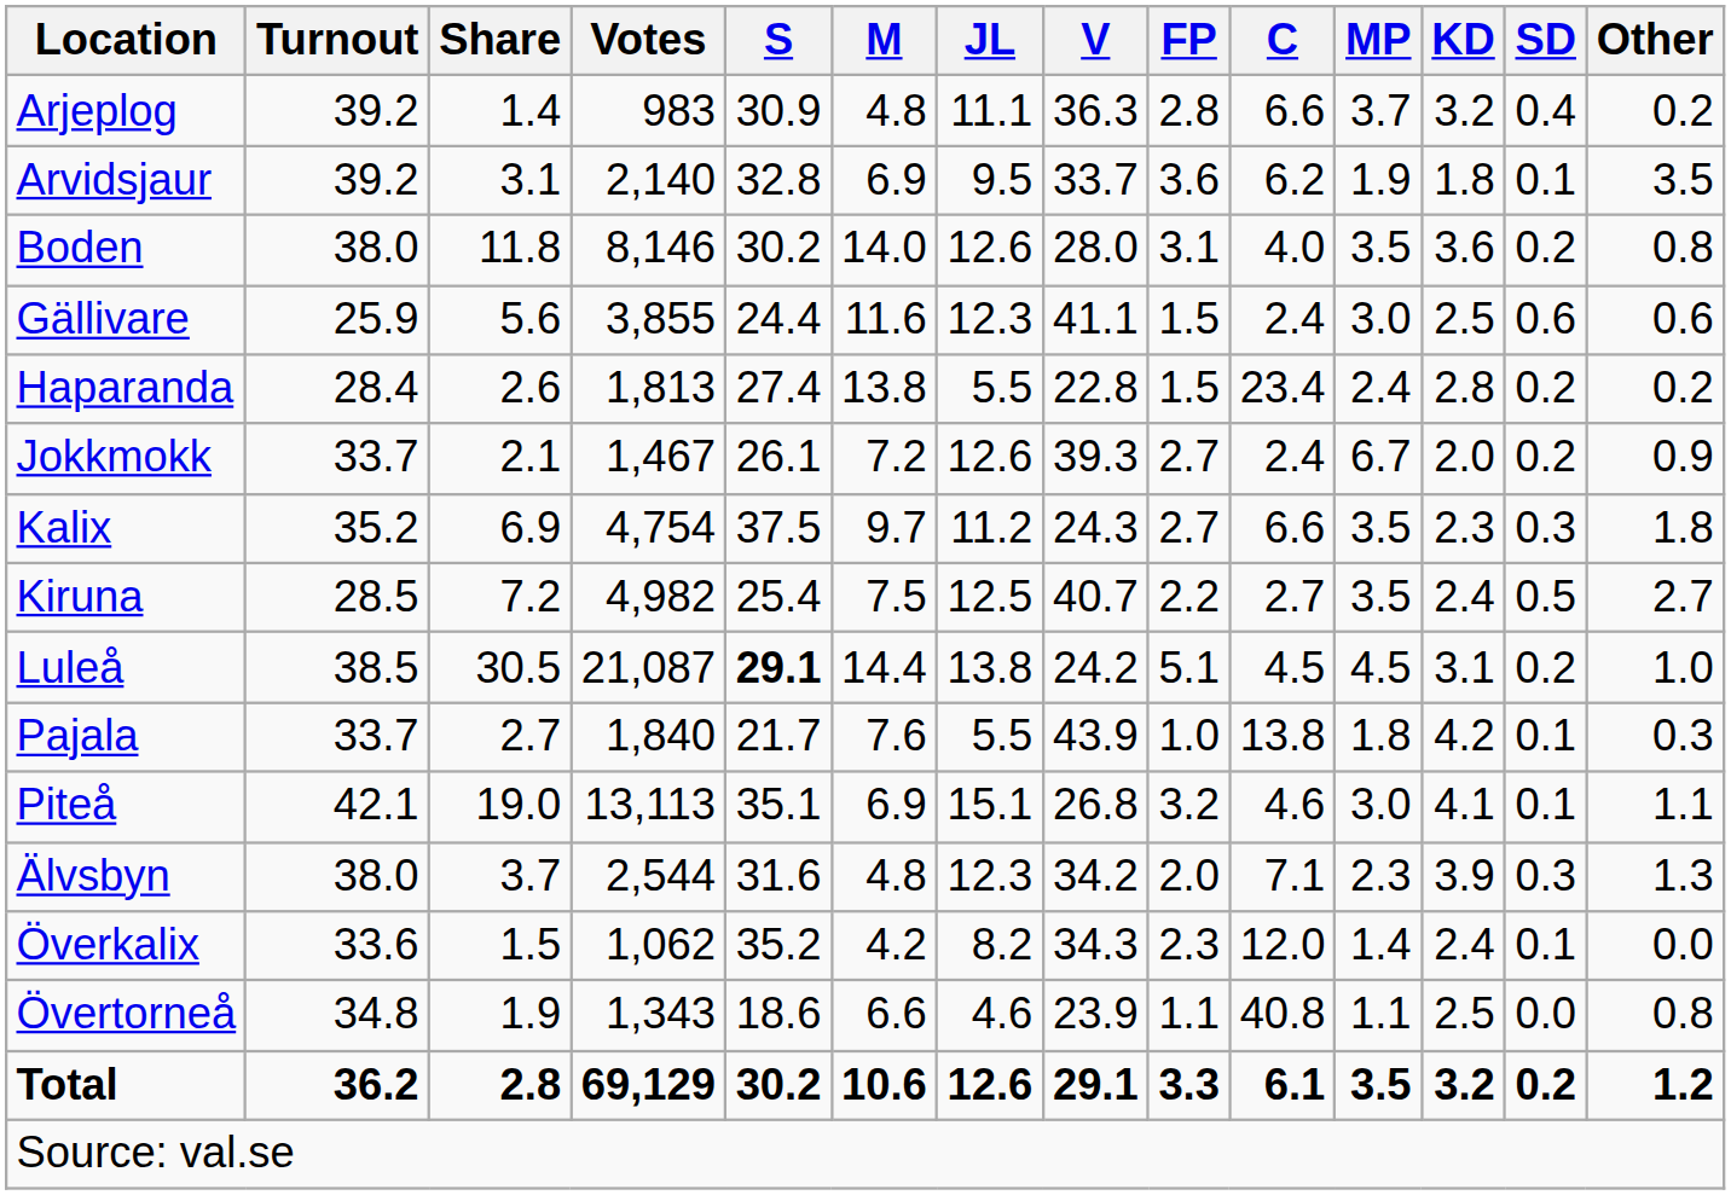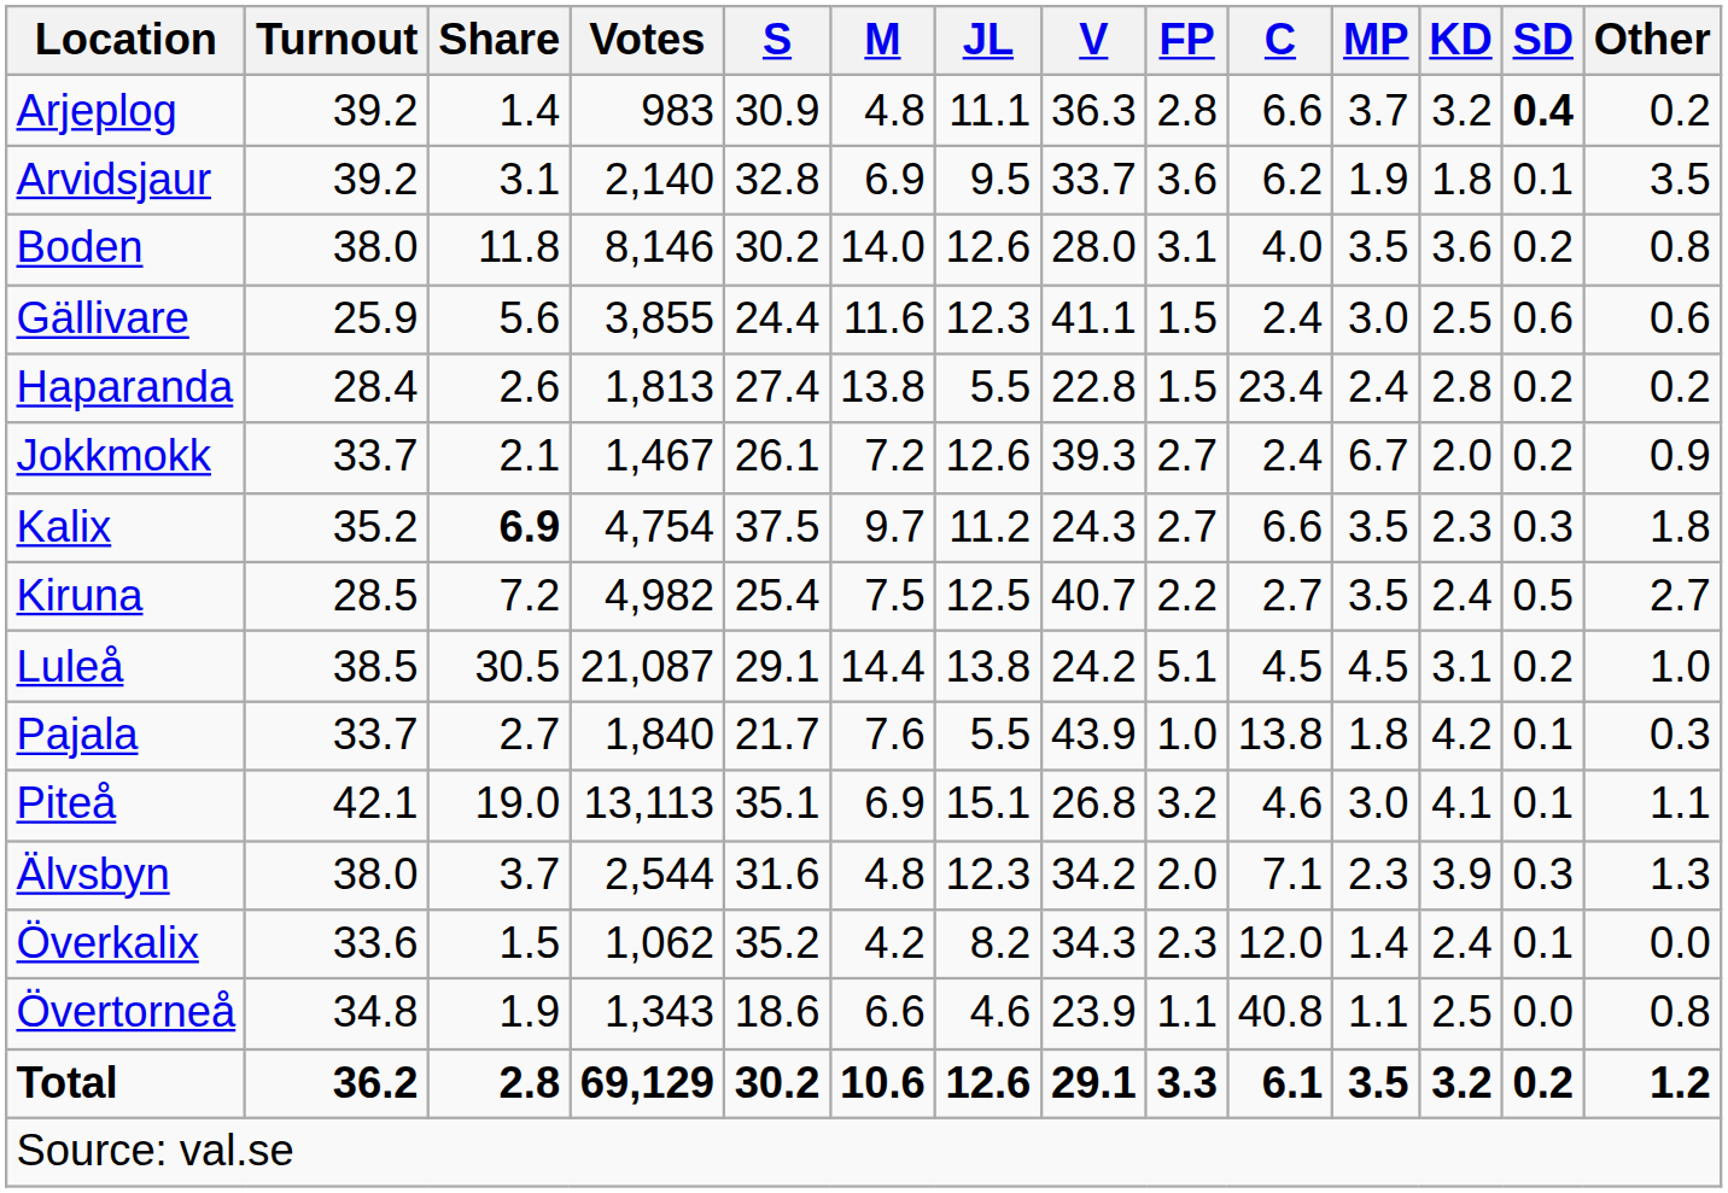 <table class="wikitable sortable" style=text-align:right>
 <tr>
 <th>Location</th>
 <th>Turnout</th>
 <th>Share</th>
 <th>Votes</th>
 <th><a href='#'>S</a></th>
 <th><a href='#'>M</a></th>
 <th><a href='#'>JL</a></th>
 <th><a href='#'>V</a></th>
 <th><a href='#'>FP</a></th>
 <th><a href='#'>C</a></th>
 <th><a href='#'>MP</a></th>
 <th><a href='#'>KD</a></th>
 <th><a href='#'>SD</a></th>
 <th>Other</th>
 </tr>
 <tr>
 <td align=left><a href='#'>Arjeplog</a></td>
 <td>39.2</td>
 <td>1.4</td>
 <td>983</td>
 <td>30.9</td>
 <td>4.8</td>
 <td>11.1</td>
 <td>36.3</td>
 <td>2.8</td>
 <td>6.6</td>
 <td>3.7</td>
 <td>3.2</td>
-<td>0.4</td>
+<td><strong>0.4</strong></td>
 <td>0.2</td>
 </tr>
 <tr>
 <td align=left><a href='#'>Arvidsjaur</a></td>
 <td>39.2</td>
 <td>3.1</td>
 <td>2,140</td>
 <td>32.8</td>
 <td>6.9</td>
 <td>9.5</td>
 <td>33.7</td>
 <td>3.6</td>
 <td>6.2</td>
 <td>1.9</td>
 <td>1.8</td>
 <td>0.1</td>
 <td>3.5</td>
 </tr>
 <tr>
 <td align=left><a href='#'>Boden</a></td>
 <td>38.0</td>
 <td>11.8</td>
 <td>8,146</td>
 <td>30.2</td>
 <td>14.0</td>
 <td>12.6</td>
 <td>28.0</td>
 <td>3.1</td>
 <td>4.0</td>
 <td>3.5</td>
 <td>3.6</td>
 <td>0.2</td>
 <td>0.8</td>
 </tr>
 <tr>
 <td align=left><a href='#'>Gällivare</a></td>
 <td>25.9</td>
 <td>5.6</td>
 <td>3,855</td>
 <td>24.4</td>
 <td>11.6</td>
 <td>12.3</td>
 <td>41.1</td>
 <td>1.5</td>
 <td>2.4</td>
 <td>3.0</td>
 <td>2.5</td>
 <td>0.6</td>
 <td>0.6</td>
 </tr>
 <tr>
 <td align=left><a href='#'>Haparanda</a></td>
 <td>28.4</td>
 <td>2.6</td>
 <td>1,813</td>
 <td>27.4</td>
 <td>13.8</td>
 <td>5.5</td>
 <td>22.8</td>
 <td>1.5</td>
 <td>23.4</td>
 <td>2.4</td>
 <td>2.8</td>
 <td>0.2</td>
 <td>0.2</td>
 </tr>
 <tr>
 <td align=left><a href='#'>Jokkmokk</a></td>
 <td>33.7</td>
 <td>2.1</td>
 <td>1,467</td>
 <td>26.1</td>
 <td>7.2</td>
 <td>12.6</td>
 <td>39.3</td>
 <td>2.7</td>
 <td>2.4</td>
 <td>6.7</td>
 <td>2.0</td>
 <td>0.2</td>
 <td>0.9</td>
 </tr>
 <tr>
 <td align=left><a href='#'>Kalix</a></td>
 <td>35.2</td>
-<td>6.9</td>
+<td><strong>6.9</strong></td>
 <td>4,754</td>
 <td>37.5</td>
 <td>9.7</td>
 <td>11.2</td>
 <td>24.3</td>
 <td>2.7</td>
 <td>6.6</td>
 <td>3.5</td>
 <td>2.3</td>
 <td>0.3</td>
 <td>1.8</td>
 </tr>
 <tr>
 <td align=left><a href='#'>Kiruna</a></td>
 <td>28.5</td>
 <td>7.2</td>
 <td>4,982</td>
 <td>25.4</td>
 <td>7.5</td>
 <td>12.5</td>
 <td>40.7</td>
 <td>2.2</td>
 <td>2.7</td>
 <td>3.5</td>
 <td>2.4</td>
 <td>0.5</td>
 <td>2.7</td>
 </tr>
 <tr>
 <td align=left><a href='#'>Luleå</a></td>
 <td>38.5</td>
 <td>30.5</td>
 <td>21,087</td>
-<td><strong>29.1</strong></td>
+<td>29.1</td>
 <td>14.4</td>
 <td>13.8</td>
 <td>24.2</td>
 <td>5.1</td>
 <td>4.5</td>
 <td>4.5</td>
 <td>3.1</td>
 <td>0.2</td>
 <td>1.0</td>
 </tr>
 <tr>
 <td align=left><a href='#'>Pajala</a></td>
 <td>33.7</td>
 <td>2.7</td>
 <td>1,840</td>
 <td>21.7</td>
 <td>7.6</td>
 <td>5.5</td>
 <td>43.9</td>
 <td>1.0</td>
 <td>13.8</td>
 <td>1.8</td>
 <td>4.2</td>
 <td>0.1</td>
 <td>0.3</td>
 </tr>
 <tr>
 <td align=left><a href='#'>Piteå</a></td>
 <td>42.1</td>
 <td>19.0</td>
 <td>13,113</td>
 <td>35.1</td>
 <td>6.9</td>
 <td>15.1</td>
 <td>26.8</td>
 <td>3.2</td>
 <td>4.6</td>
 <td>3.0</td>
 <td>4.1</td>
 <td>0.1</td>
 <td>1.1</td>
 </tr>
 <tr>
 <td align=left><a href='#'>Älvsbyn</a></td>
 <td>38.0</td>
 <td>3.7</td>
 <td>2,544</td>
 <td>31.6</td>
 <td>4.8</td>
 <td>12.3</td>
 <td>34.2</td>
 <td>2.0</td>
 <td>7.1</td>
 <td>2.3</td>
 <td>3.9</td>
 <td>0.3</td>
 <td>1.3</td>
 </tr>
 <tr>
 <td align=left><a href='#'>Överkalix</a></td>
 <td>33.6</td>
 <td>1.5</td>
 <td>1,062</td>
 <td>35.2</td>
 <td>4.2</td>
 <td>8.2</td>
 <td>34.3</td>
 <td>2.3</td>
 <td>12.0</td>
 <td>1.4</td>
 <td>2.4</td>
 <td>0.1</td>
 <td>0.0</td>
 </tr>
 <tr>
 <td align=left><a href='#'>Övertorneå</a></td>
 <td>34.8</td>
 <td>1.9</td>
 <td>1,343</td>
 <td>18.6</td>
 <td>6.6</td>
 <td>4.6</td>
 <td>23.9</td>
 <td>1.1</td>
 <td>40.8</td>
 <td>1.1</td>
 <td>2.5</td>
 <td>0.0</td>
 <td>0.8</td>
 </tr>
 <tr>
 <td align=left><strong>Total</strong></td>
 <td><strong>36.2</strong></td>
 <td><strong>2.8</strong></td>
 <td><strong>69,129</strong></td>
 <td><strong>30.2</strong></td>
 <td><strong>10.6</strong></td>
 <td><strong>12.6</strong></td>
 <td><strong>29.1</strong></td>
 <td><strong>3.3</strong></td>
 <td><strong>6.1</strong></td>
 <td><strong>3.5</strong></td>
 <td><strong>3.2</strong></td>
 <td><strong>0.2</strong></td>
 <td><strong>1.2</strong></td>
 </tr>
 <tr>
 <td align=left colspan=14>Source: val.se </td>
 </tr>
 </table>
